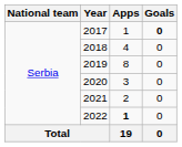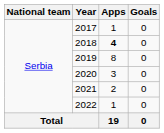 <table class="wikitable" style="text-align:center">
 <tr>
 <th>National team</th>
 <th>Year</th>
 <th>Apps</th>
 <th>Goals</th>
 </tr>
 <tr>
 <td rowspan="6"><a href='#'>Serbia</a></td>
 <td>2017</td>
 <td>1</td>
-<td><strong>0</strong></td>
+<td>0</td>
 </tr>
 <tr>
 <td>2018</td>
-<td>4</td>
+<td><strong>4</strong></td>
 <td>0</td>
 </tr>
 <tr>
 <td>2019</td>
 <td>8</td>
 <td>0</td>
 </tr>
 <tr>
 <td>2020</td>
 <td>3</td>
 <td>0</td>
 </tr>
 <tr>
 <td>2021</td>
 <td>2</td>
 <td>0</td>
 </tr>
 <tr>
 <td>2022</td>
-<td><strong>1</strong></td>
+<td>1</td>
 <td>0</td>
 </tr>
 <tr>
 <th colspan="2">Total</th>
 <th>19</th>
 <th>0</th>
 </tr>
 </table>
